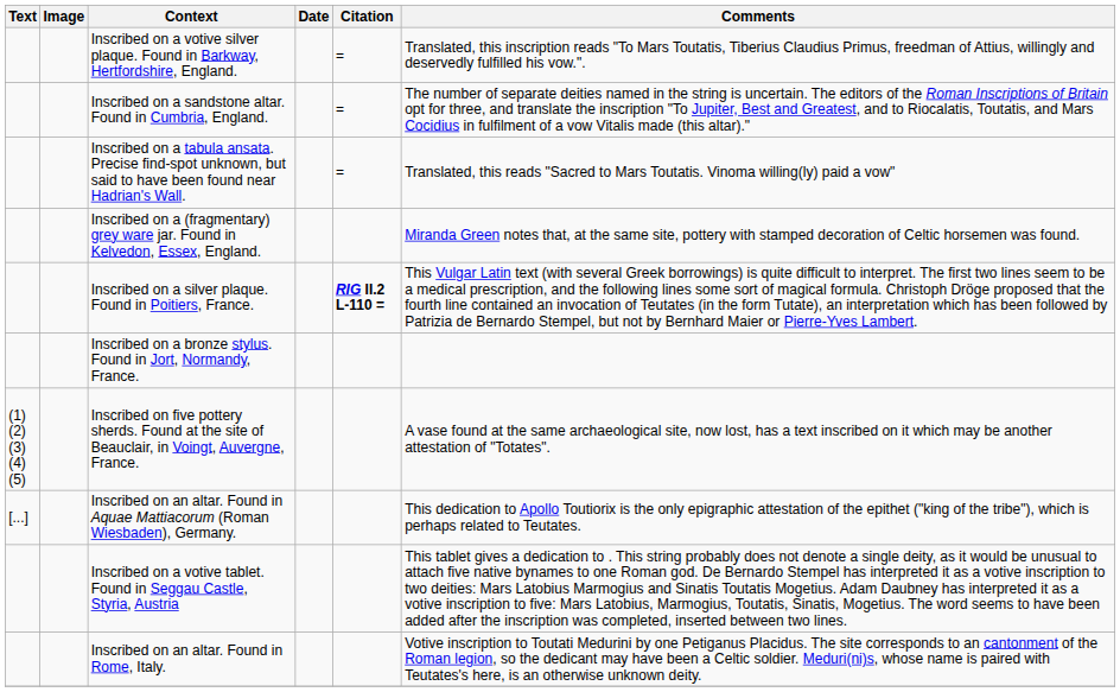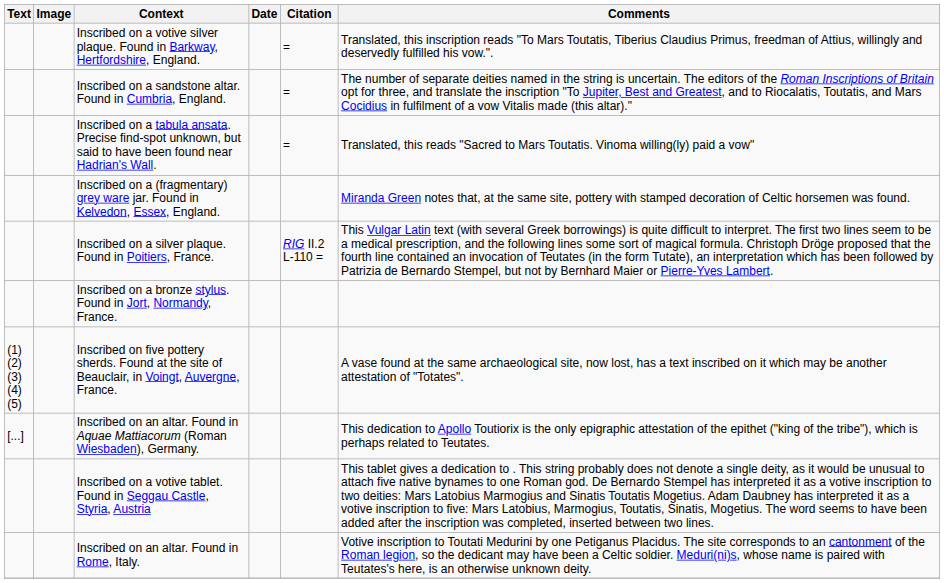 <table class="wikitable sortable">
 <tr>
 <th>Text</th>
 <th>Image</th>
 <th>Context</th>
 <th>Date</th>
 <th>Citation</th>
 <th>Comments</th>
 </tr>
 <tr>
 <td></td>
 <td></td>
 <td>Inscribed on a votive silver plaque. Found in <a href='#'>Barkway</a>, <a href='#'>Hertfordshire</a>, England.</td>
 <td></td>
 <td> = </td>
 <td>Translated, this inscription reads "To Mars Toutatis, Tiberius Claudius Primus, freedman of Attius, willingly and deservedly fulfilled his vow.".</td>
 </tr>
 <tr>
 <td></td>
 <td></td>
 <td>Inscribed on a sandstone altar. Found in <a href='#'>Cumbria</a>, England.</td>
 <td></td>
 <td> = </td>
 <td>The number of separate deities named in the string  is uncertain. The editors of the <em><a href='#'>Roman Inscriptions of Britain</a></em> opt for three, and translate the inscription "To <a href='#'>Jupiter, Best and Greatest</a>, and to Riocalatis, Toutatis, and Mars <a href='#'>Cocidius</a> in fulfilment of a vow Vitalis made (this altar)."</td>
 </tr>
 <tr>
 <td></td>
 <td></td>
 <td>Inscribed on a <a href='#'>tabula ansata</a>. Precise find-spot unknown, but said to have been found near <a href='#'>Hadrian's Wall</a>.</td>
 <td></td>
 <td> = </td>
 <td>Translated, this reads "Sacred to Mars Toutatis. Vinoma willing(ly) paid a vow"</td>
 </tr>
 <tr>
 <td></td>
 <td></td>
 <td>Inscribed on a (fragmentary) <a href='#'>grey ware</a> jar. Found in <a href='#'>Kelvedon</a>, <a href='#'>Essex</a>, England.</td>
 <td></td>
 <td></td>
 <td><a href='#'>Miranda Green</a> notes that, at the same site, pottery with stamped decoration of Celtic horsemen was found.</td>
 </tr>
 <tr>
 <td></td>
 <td></td>
 <td>Inscribed on a silver plaque. Found in <a href='#'>Poitiers</a>, France.</td>
 <td></td>
-<td><strong><em><a href='#'>RIG</a></em> II.2 L-110 = </strong></td>
+<td><em><a href='#'>RIG</a></em> II.2 L-110 = </td>
 <td>This <a href='#'>Vulgar Latin</a> text (with several Greek borrowings) is quite difficult to interpret. The first two lines seem to be a medical prescription, and the following lines some sort of magical formula. Christoph Dröge proposed that the fourth line contained an invocation of Teutates (in the form Tutate), an interpretation which has been followed by Patrizia de Bernardo Stempel, but not by Bernhard Maier or <a href='#'>Pierre-Yves Lambert</a>.</td>
 </tr>
 <tr>
 <td></td>
 <td></td>
 <td>Inscribed on a bronze <a href='#'>stylus</a>. Found in <a href='#'>Jort</a>, <a href='#'>Normandy</a>, France.</td>
 <td></td>
 <td></td>
 <td></td>
 </tr>
 <tr>
 <td><br>(1)  <br> (2)  <br> (3)  <br> (4)  <br> (5) </td>
 <td></td>
 <td>Inscribed on five pottery sherds. Found at the site of Beauclair, in <a href='#'>Voingt</a>, <a href='#'>Auvergne</a>, France.</td>
 <td></td>
 <td></td>
 <td>A vase found at the same archaeological site, now lost, has a text inscribed on it which may be another attestation of "Totates".</td>
 </tr>
 <tr>
 <td> [...]</td>
 <td></td>
 <td>Inscribed on an altar. Found in <em>Aquae Mattiacorum</em> (Roman <a href='#'>Wiesbaden</a>), Germany.</td>
 <td></td>
 <td></td>
 <td>This dedication to <a href='#'>Apollo</a> Toutiorix is the only epigraphic attestation of the epithet  ("king of the tribe"), which is perhaps related to Teutates.</td>
 </tr>
 <tr>
 <td></td>
 <td></td>
 <td>Inscribed on a votive tablet. Found in <a href='#'>Seggau Castle</a>, <a href='#'>Styria</a>, <a href='#'>Austria</a></td>
 <td></td>
 <td></td>
 <td>This tablet gives a dedication to . This string probably does not denote a single deity, as it would be unusual to attach five native bynames to one Roman god. De Bernardo Stempel has interpreted it as a votive inscription to two deities: Mars Latobius Marmogius and Sinatis Toutatis Mogetius. Adam Daubney has interpreted it as a votive inscription to five: Mars Latobius, Marmogius, Toutatis, Sinatis, Mogetius. The word  seems to have been added after the inscription was completed, inserted between two lines.</td>
 </tr>
 <tr>
 <td></td>
 <td></td>
 <td>Inscribed on an altar. Found in <a href='#'>Rome</a>, Italy.</td>
 <td></td>
 <td></td>
 <td>Votive inscription to Toutati Medurini by one Petiganus Placidus. The site corresponds to an <a href='#'>cantonment</a> of the <a href='#'>Roman legion</a>, so the dedicant may have been a Celtic soldier. <a href='#'>Meduri(ni)s</a>, whose name is paired with Teutates's here, is an otherwise unknown deity.</td>
 </tr>
 <tr>
 </tr>
 </table>
